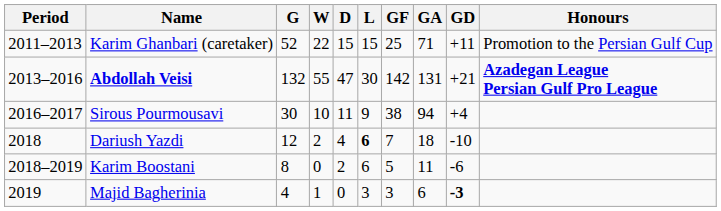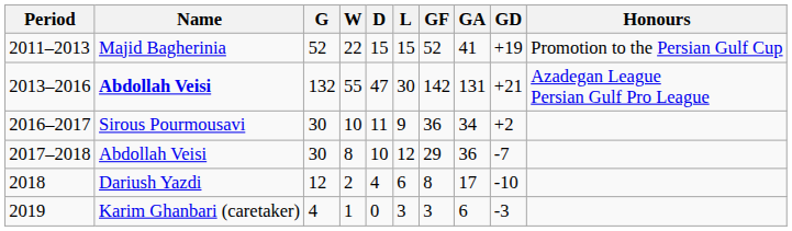 <table class="wikitable" style="ext-align: left">
 <tr>
 <th>Period</th>
 <th>Name</th>
 <th>G</th>
 <th>W</th>
 <th>D</th>
 <th>L</th>
 <th>GF</th>
 <th>GA</th>
 <th>GD</th>
 <th>Honours</th>
 </tr>
 <tr>
 <td>2011–2013</td>
-<td> <a href='#'>Karim Ghanbari</a> (caretaker)</td>
+<td> <a href='#'>Majid Bagherinia</a></td>
 <td>52</td>
 <td>22</td>
 <td>15</td>
 <td>15</td>
-<td>25</td>
-<td>71</td>
-<td>+11</td>
+<td>52</td>
+<td>41</td>
+<td>+19</td>
 <td>Promotion to the <a href='#'>Persian Gulf Cup</a></td>
 </tr>
 <tr>
 <td>2013–2016</td>
 <td><strong> <a href='#'>Abdollah Veisi</a></strong></td>
 <td>132</td>
 <td>55</td>
 <td>47</td>
 <td>30</td>
 <td>142</td>
 <td>131</td>
 <td>+21</td>
-<td><strong><a href='#'>Azadegan League</a><br><a href='#'>Persian Gulf Pro League</a></strong></td>
+<td><a href='#'>Azadegan League</a><br><a href='#'>Persian Gulf Pro League</a></td>
 </tr>
 <tr>
 <td>2016–2017</td>
 <td> <a href='#'>Sirous Pourmousavi</a></td>
 <td>30</td>
 <td>10</td>
 <td>11</td>
 <td>9</td>
-<td>38</td>
-<td>94</td>
-<td>+4</td>
+<td>36</td>
+<td>34</td>
+<td>+2</td>
+<td></td>
+</tr>
+<tr>
+<td>2017–2018</td>
+<td> <a href='#'>Abdollah Veisi</a></td>
+<td>30</td>
+<td>8</td>
+<td>10</td>
+<td>12</td>
+<td>29</td>
+<td>36</td>
+<td>-7</td>
 <td></td>
 </tr>
 <tr>
 <td>2018</td>
 <td> <a href='#'>Dariush Yazdi</a></td>
 <td>12</td>
 <td>2</td>
 <td>4</td>
-<td><strong>6</strong></td>
-<td>7</td>
-<td>18</td>
+<td>6</td>
+<td>8</td>
+<td>17</td>
 <td>-10</td>
 <td></td>
 </tr>
 <tr>
-<td>2018–2019</td>
-<td> <a href='#'>Karim Boostani</a></td>
-<td>8</td>
-<td>0</td>
-<td>2</td>
-<td>6</td>
-<td>5</td>
-<td>11</td>
-<td>-6</td>
-<td></td>
-</tr>
-<tr>
 <td>2019</td>
-<td> <a href='#'>Majid Bagherinia</a></td>
+<td> <a href='#'>Karim Ghanbari</a> (caretaker)</td>
 <td>4</td>
 <td>1</td>
 <td>0</td>
 <td>3</td>
 <td>3</td>
 <td>6</td>
-<td><strong>-3</strong></td>
+<td>-3</td>
 <td></td>
 </tr>
 </table>
